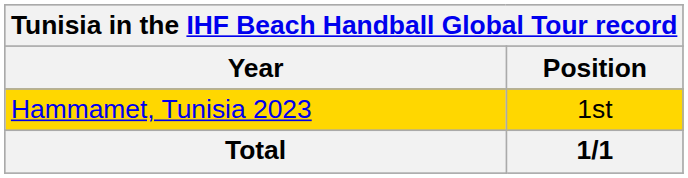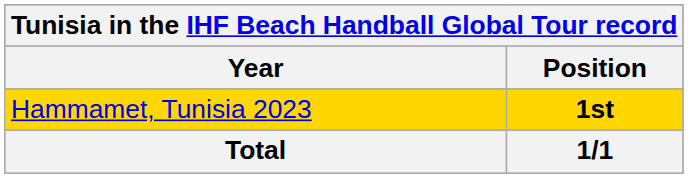 <table class="wikitable" style="text-align: center;">
 <tr>
 <th colspan=2>Tunisia in the <a href='#'>IHF Beach Handball Global Tour record</a></th>
 </tr>
 <tr>
 <th>Year</th>
 <th width="100">Position</th>
 </tr>
 <tr bgcolor=gold>
 <td align=left> <a href='#'>Hammamet, Tunisia 2023</a></td>
-<td>1st</td>
+<td><strong>1st</strong></td>
 </tr>
 <tr>
 <th>Total</th>
 <th>1/1</th>
 </tr>
 </table>
